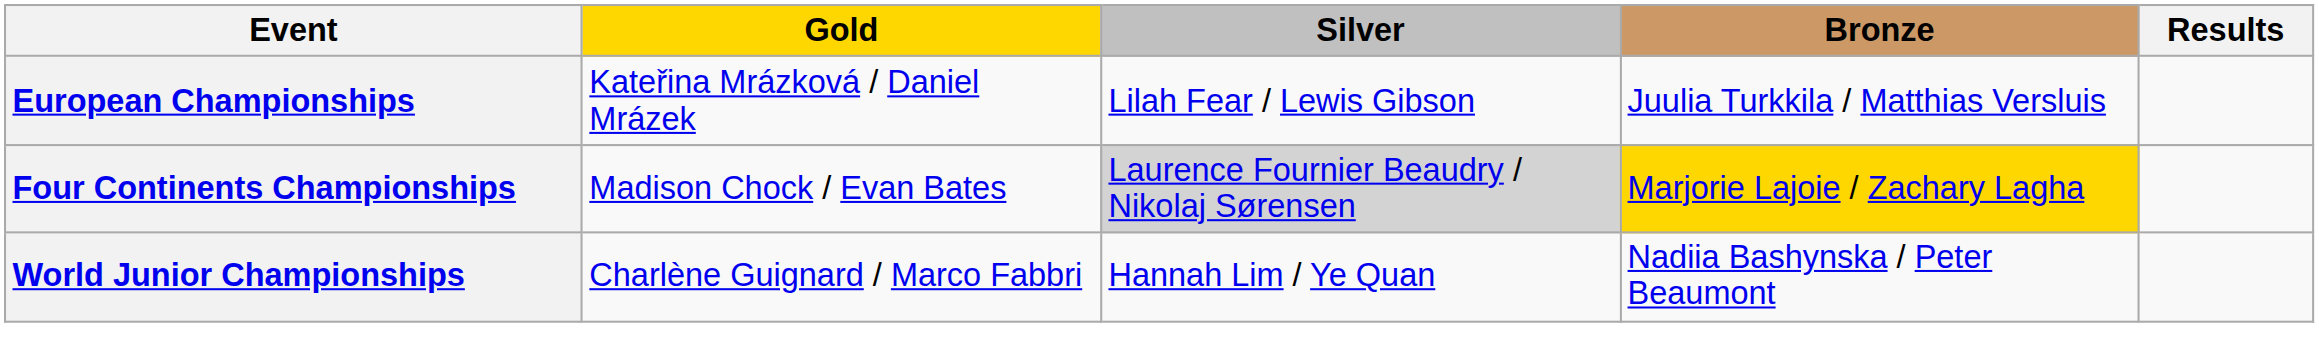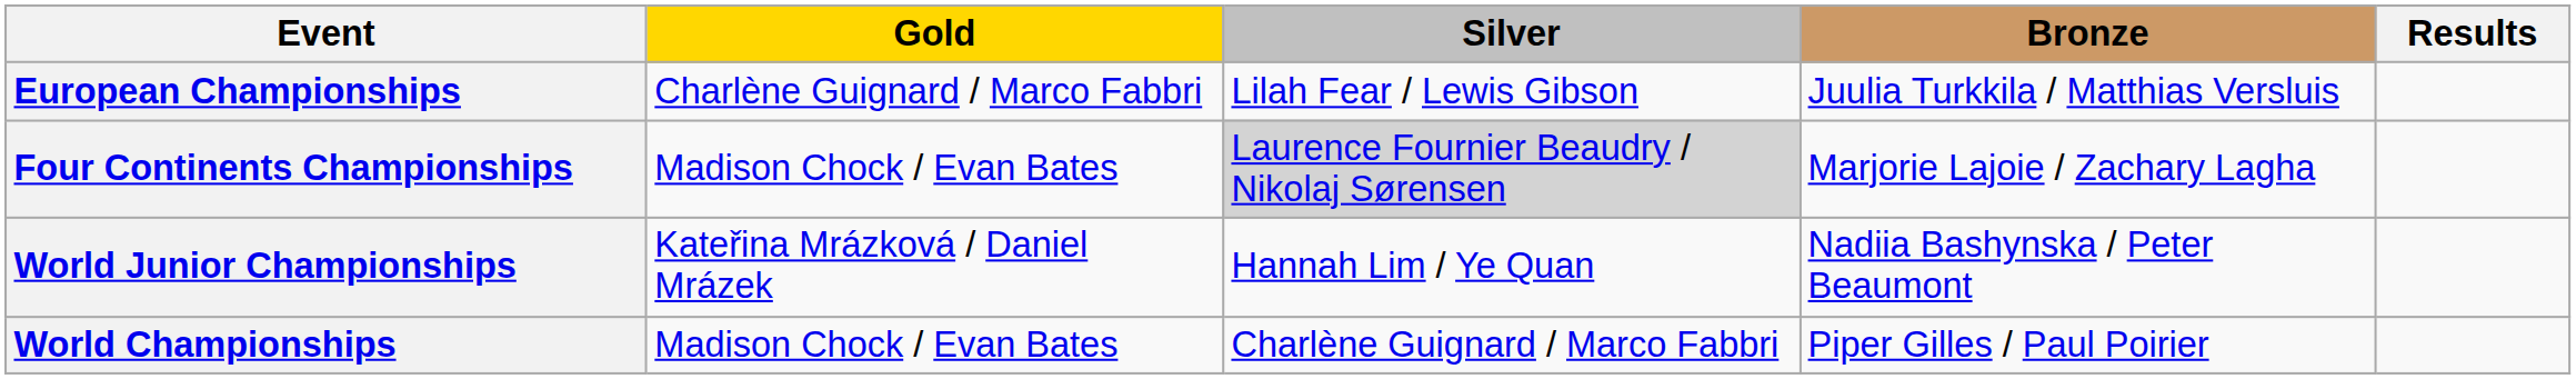 <table class="wikitable unsortable" style="text-align:left; width:90%;">
 <tr>
 <th scope="col" style="text-align:center; width:25%;">Event</th>
 <td scope="col" style="text-align:center; width:22.5%; background:gold"><strong>Gold</strong></td>
 <td scope="col" style="text-align:center; width:22.5%; background:silver"><strong>Silver</strong></td>
 <td scope="col" style="text-align:center; width:22.5%; background:#c96"><strong>Bronze</strong></td>
 <th scope="col" style="text-align:center; width:7.5%;">Results</th>
 </tr>
 <tr>
 <th scope="row" style="text-align:left"> <a href='#'>European Championships</a></th>
-<td> <a href='#'>Kateřina Mrázková</a> / <a href='#'>Daniel Mrázek</a></td>
+<td> <a href='#'>Charlène Guignard</a> / <a href='#'>Marco Fabbri</a></td>
 <td> <a href='#'>Lilah Fear</a> / <a href='#'>Lewis Gibson</a></td>
 <td> <a href='#'>Juulia Turkkila</a> / <a href='#'>Matthias Versluis</a></td>
 <td></td>
 </tr>
 <tr>
 <th scope="row" style="text-align:left"> <a href='#'>Four Continents Championships</a></th>
 <td> <a href='#'>Madison Chock</a> / <a href='#'>Evan Bates</a></td>
 <td style="background: lightgrey;"> <a href='#'>Laurence Fournier Beaudry</a> / <a href='#'>Nikolaj Sørensen</a></td>
-<td style="background: gold;"> <a href='#'>Marjorie Lajoie</a> / <a href='#'>Zachary Lagha</a></td>
+<td> <a href='#'>Marjorie Lajoie</a> / <a href='#'>Zachary Lagha</a></td>
 <td></td>
 </tr>
 <tr>
 <th scope="row" style="text-align:left"> <a href='#'>World Junior Championships</a></th>
-<td> <a href='#'>Charlène Guignard</a> / <a href='#'>Marco Fabbri</a></td>
+<td> <a href='#'>Kateřina Mrázková</a> / <a href='#'>Daniel Mrázek</a></td>
 <td> <a href='#'>Hannah Lim</a> / <a href='#'>Ye Quan</a></td>
 <td> <a href='#'>Nadiia Bashynska</a> / <a href='#'>Peter Beaumont</a></td>
 <td></td>
 </tr>
+<tr>
+<th scope="row" style="text-align:left"> <a href='#'>World Championships</a></th>
+<td> <a href='#'>Madison Chock</a> / <a href='#'>Evan Bates</a></td>
+<td> <a href='#'>Charlène Guignard</a> / <a href='#'>Marco Fabbri</a></td>
+<td> <a href='#'>Piper Gilles</a> / <a href='#'>Paul Poirier</a></td>
+<td></td>
+</tr>
 </table>
